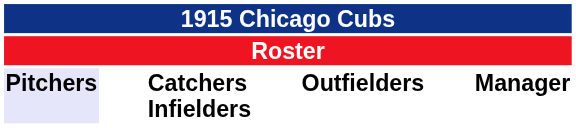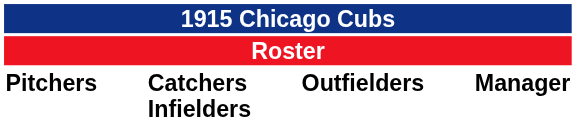 <table class="toccolours" style="font-size: 95%;">
 <tr>
 <th colspan="10" style="background-color: #0e3386; color: white; text-align: center;">1915 Chicago Cubs</th>
 </tr>
 <tr>
 <td colspan="10" style="background-color: #EE1422; color: white; text-align: center;"><strong>Roster</strong></td>
 </tr>
 <tr>
-<td valign="top" style="background: lavender;"><strong>Pitchers</strong><br>           </td>
+<td valign="top"><strong>Pitchers</strong><br>           </td>
 <td width="25px"></td>
 <td valign="top"><strong>Catchers</strong><br>     <strong>Infielders</strong>          </td>
 <td width="25px"></td>
 <td valign="top"><strong>Outfielders</strong><br>     </td>
 <td width="25px"></td>
 <td valign="top"><strong>Manager</strong><br></td>
 </tr>
 </table>
